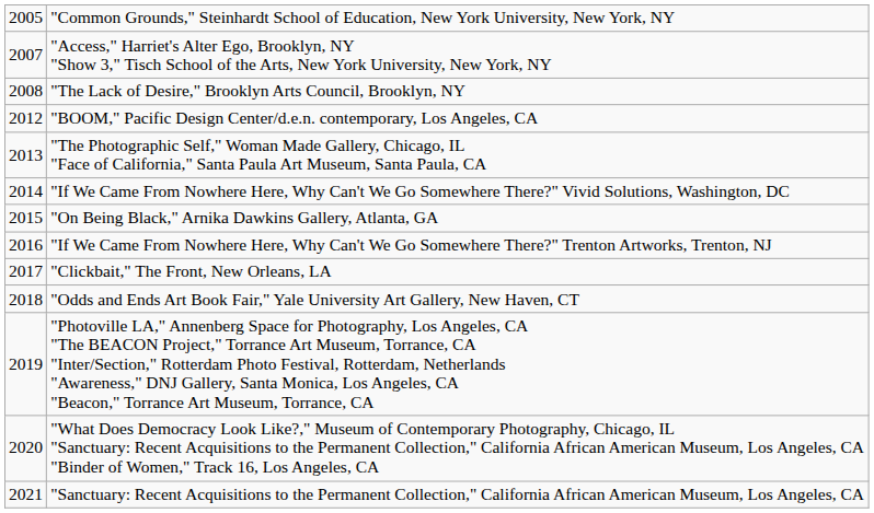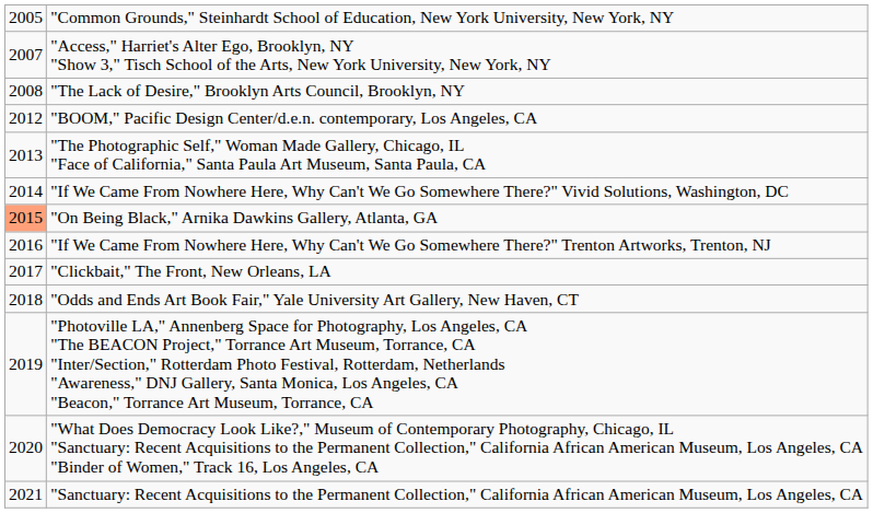 <table class="wikitable">
 <tr>
 <td>2005</td>
 <td>"Common Grounds," Steinhardt School of Education, New York University, New York, NY</td>
 </tr>
 <tr>
 <td>2007</td>
 <td>"Access," Harriet's Alter Ego, Brooklyn, NY<br>"Show 3," Tisch School of the Arts, New York University, New York, NY</td>
 </tr>
 <tr>
 <td>2008</td>
 <td>"The Lack of Desire," Brooklyn Arts Council, Brooklyn, NY</td>
 </tr>
 <tr>
 <td>2012</td>
 <td>"BOOM," Pacific Design Center/d.e.n. contemporary, Los Angeles, CA</td>
 </tr>
 <tr>
 <td>2013</td>
 <td>"The Photographic Self," Woman Made Gallery, Chicago, IL<br>"Face of California," Santa Paula Art Museum, Santa Paula, CA</td>
 </tr>
 <tr>
 <td>2014</td>
 <td>"If We Came From Nowhere Here, Why Can't We Go Somewhere There?" Vivid Solutions, Washington, DC</td>
 </tr>
 <tr>
-<td>2015</td>
+<td style="background: lightsalmon;">2015</td>
 <td>"On Being Black," Arnika Dawkins Gallery, Atlanta, GA</td>
 </tr>
 <tr>
 <td>2016</td>
 <td>"If We Came From Nowhere Here, Why Can't We Go Somewhere There?" Trenton Artworks, Trenton, NJ</td>
 </tr>
 <tr>
 <td>2017</td>
 <td>"Clickbait," The Front, New Orleans, LA</td>
 </tr>
 <tr>
 <td>2018</td>
 <td>"Odds and Ends Art Book Fair," Yale University Art Gallery, New Haven, CT</td>
 </tr>
 <tr>
 <td>2019</td>
 <td>"Photoville LA," Annenberg Space for Photography, Los Angeles, CA<br>"The BEACON Project," Torrance Art Museum, Torrance, CA<br>"Inter/Section," Rotterdam Photo Festival, Rotterdam, Netherlands <br>"Awareness," DNJ Gallery, Santa Monica, Los Angeles, CA<br>"Beacon," Torrance Art Museum, Torrance, CA</td>
 </tr>
 <tr>
 <td>2020</td>
 <td>"What Does Democracy Look Like?," Museum of Contemporary Photography, Chicago, IL<br>"Sanctuary: Recent Acquisitions to the Permanent Collection," California African American Museum, Los Angeles, CA<br>"Binder of Women," Track 16, Los Angeles, CA </td>
 </tr>
 <tr>
 <td>2021</td>
 <td>"Sanctuary: Recent Acquisitions to the Permanent Collection," California African American Museum, Los Angeles, CA</td>
 </tr>
 </table>
